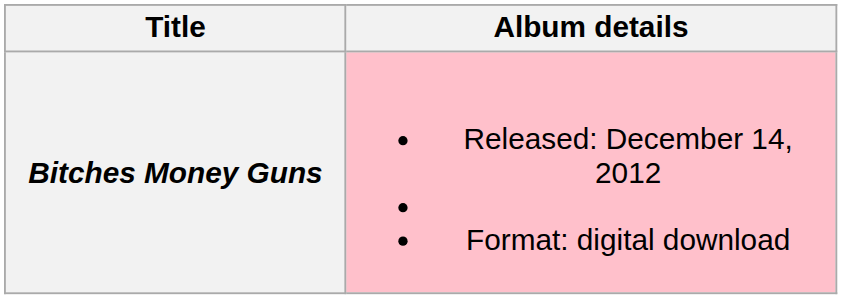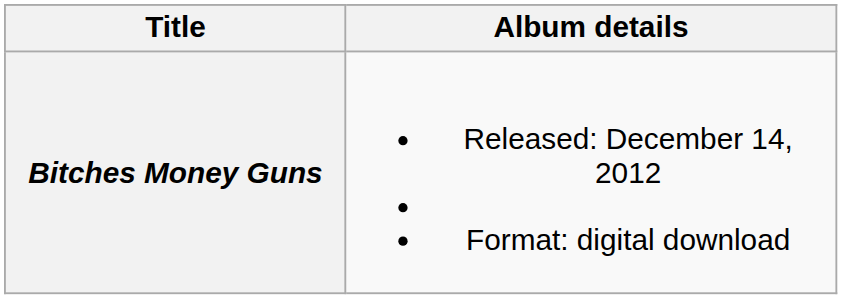 <table class="wikitable plainrowheaders" style="text-align:center;">
 <tr>
 <th scope="col" style="width:11em;">Title</th>
 <th scope="col" style="width:16em;">Album details</th>
 </tr>
 <tr>
 <th scope="row"><em>Bitches Money Guns</em></th>
-<td style="background: pink;"><br><ul><li>Released: December 14, 2012</li><li></li><li>Format: digital download</li></ul></td>
+<td><br><ul><li>Released: December 14, 2012</li><li></li><li>Format: digital download</li></ul></td>
 </tr>
 </table>
